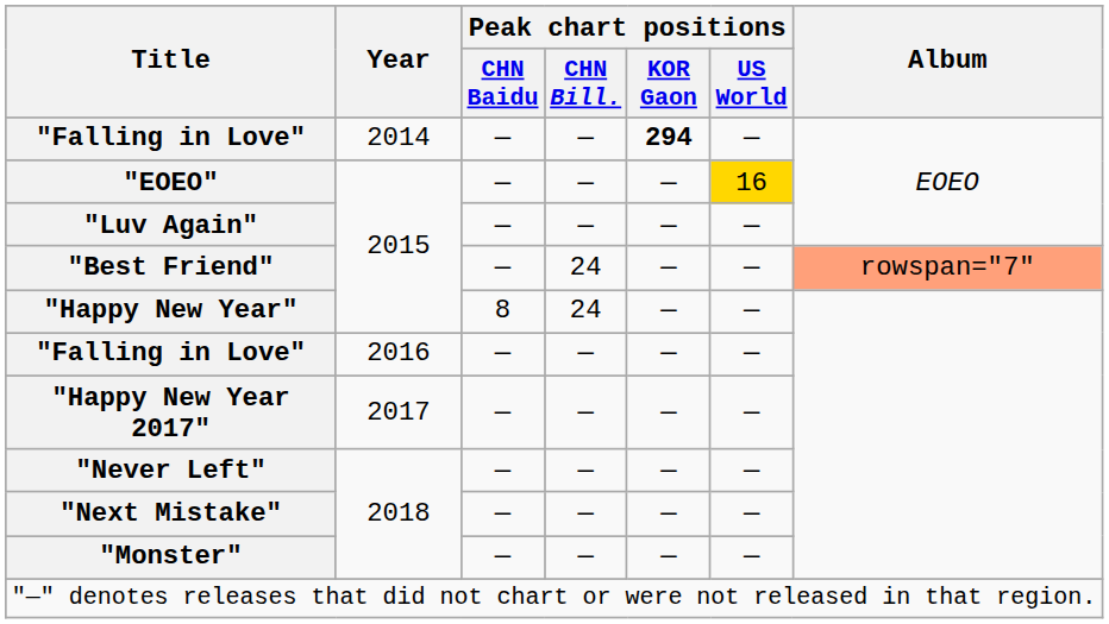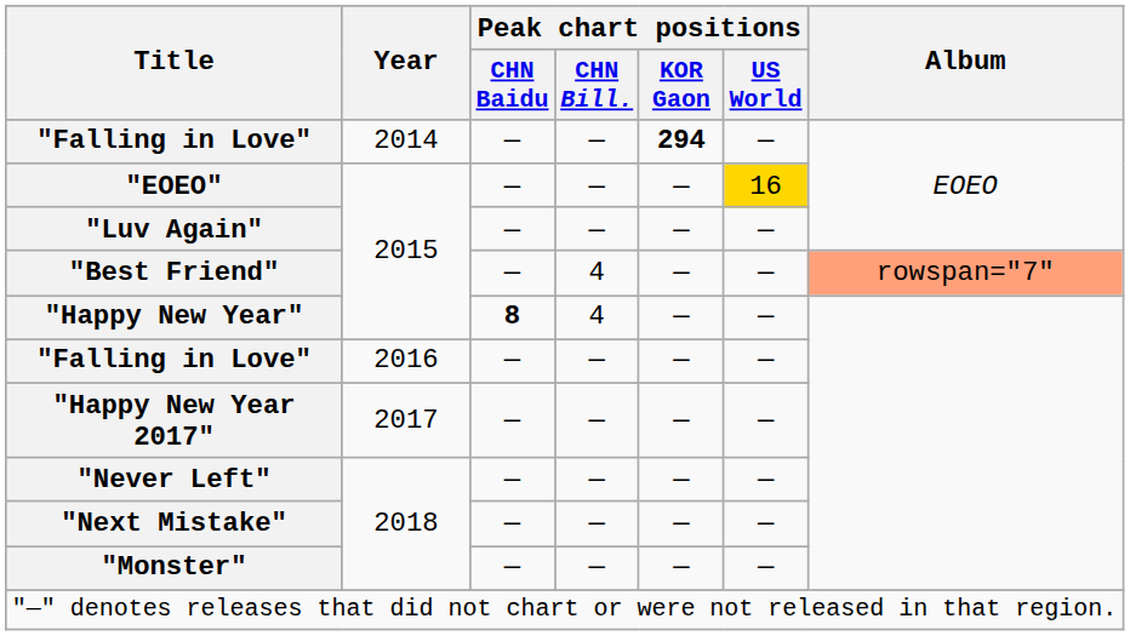 <table class="wikitable plainrowheaders" style="text-align:center;">
 <tr>
 <th scope="col" rowspan="2" style="width:12em;">Title</th>
 <th scope="col" rowspan="2">Year</th>
 <th scope="col" colspan="4">Peak chart positions</th>
 <th scope="col" rowspan="2">Album</th>
 </tr>
 <tr>
 <th scope="col" style="width:3em;font-size:90%;"><a href='#'>CHN<br>Baidu</a><br></th>
 <th scope="col" style="width:3em;font-size:90%;"><a href='#'>CHN<br><em>Bill.</em></a><br></th>
 <th scope="col" style="width:3em;font-size:90%;"><a href='#'>KOR<br>Gaon</a><br></th>
 <th scope="col" style="width:3em;font-size:90%;"><a href='#'>US<br>World</a><br></th>
 </tr>
 <tr>
 <th scope="row">"Falling in Love"</th>
 <td>2014</td>
 <td>—</td>
 <td>—</td>
 <td><strong>294</strong></td>
 <td>—</td>
 <td rowspan="3"><em>EOEO</em></td>
 </tr>
 <tr>
 <th scope="row">"EOEO"</th>
 <td rowspan="4">2015</td>
 <td>—</td>
 <td>—</td>
 <td>—</td>
 <td style="background: gold;">16</td>
 </tr>
 <tr>
 <th scope="row">"Luv Again"</th>
 <td>—</td>
 <td>—</td>
 <td>—</td>
 <td>—</td>
 </tr>
 <tr>
 <th scope="row">"Best Friend"</th>
 <td>—</td>
-<td>24</td>
+<td>4</td>
 <td>—</td>
 <td>—</td>
 <td style="background: lightsalmon;">rowspan="7" </td>
 </tr>
 <tr>
 <th scope="row">"Happy New Year"</th>
-<td>8</td>
-<td>24</td>
+<td><strong>8</strong></td>
+<td>4</td>
 <td>—</td>
 <td>—</td>
 </tr>
 <tr>
 <th scope="row">"Falling in Love"<br></th>
 <td>2016</td>
 <td>—</td>
 <td>—</td>
 <td>—</td>
 <td>—</td>
 </tr>
 <tr>
 <th scope="row">"Happy New Year 2017"</th>
 <td>2017</td>
 <td>—</td>
 <td>—</td>
 <td>—</td>
 <td>—</td>
 </tr>
 <tr>
 <th scope="row">"Never Left"</th>
 <td rowspan="3">2018</td>
 <td>—</td>
 <td>—</td>
 <td>—</td>
 <td>—</td>
 </tr>
 <tr>
 <th scope="row">"Next Mistake"</th>
 <td>—</td>
 <td>—</td>
 <td>—</td>
 <td>—</td>
 </tr>
 <tr>
 <th scope="row">"Monster"</th>
 <td>—</td>
 <td>—</td>
 <td>—</td>
 <td>—</td>
 </tr>
 <tr>
 <td colspan="7" style="font-size:90%">"—" denotes releases that did not chart or were not released in that region.</td>
 </tr>
 </table>
